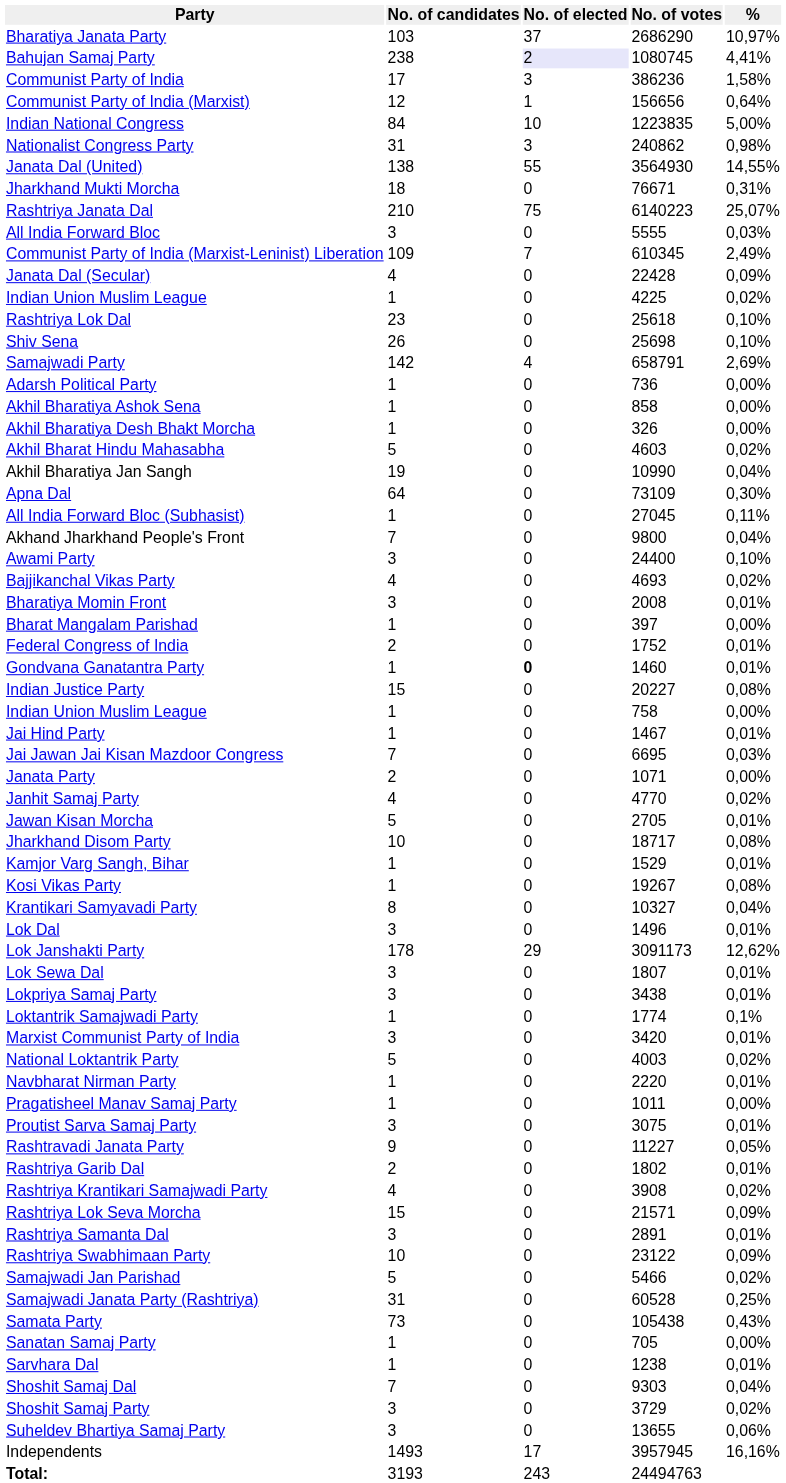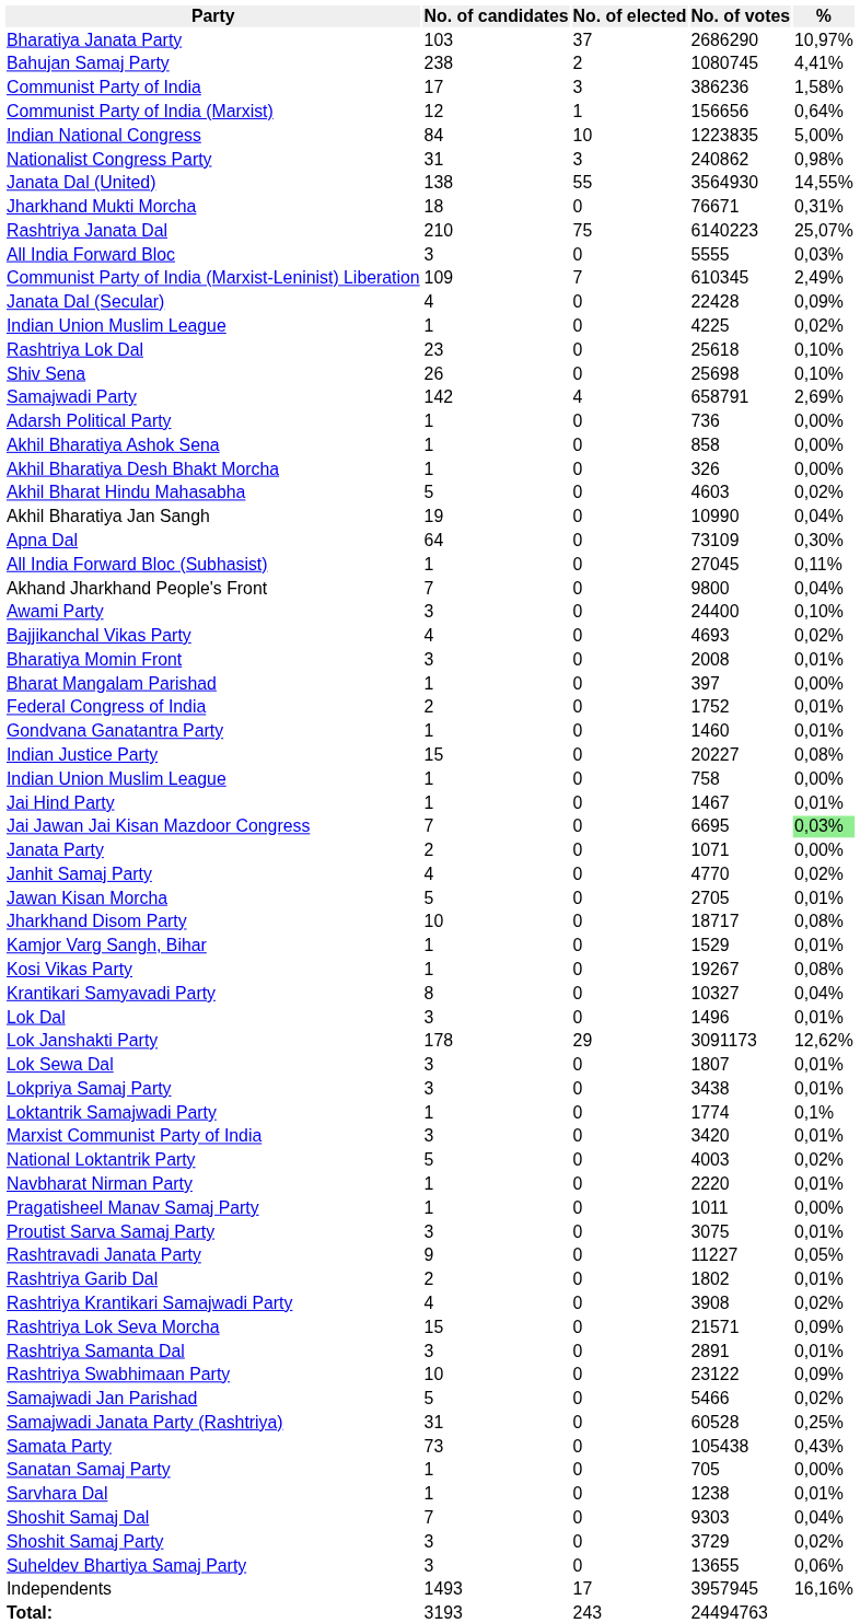 <table>
 <tr bgcolor="efefef">
 <th>Party</th>
 <th>No. of candidates</th>
 <th>No. of elected</th>
 <th>No. of votes</th>
 <th>%</th>
 </tr>
 <tr>
 <td><a href='#'>Bharatiya Janata Party</a></td>
 <td>103</td>
 <td>37</td>
 <td>2686290</td>
 <td>10,97%</td>
 </tr>
 <tr>
 <td><a href='#'>Bahujan Samaj Party</a></td>
 <td>238</td>
-<td style="background: lavender;">2</td>
+<td>2</td>
 <td>1080745</td>
 <td>4,41%</td>
 </tr>
 <tr>
 <td><a href='#'>Communist Party of India</a></td>
 <td>17</td>
 <td>3</td>
 <td>386236</td>
 <td>1,58%</td>
 </tr>
 <tr>
 <td><a href='#'>Communist Party of India (Marxist)</a></td>
 <td>12</td>
 <td>1</td>
 <td>156656</td>
 <td>0,64%</td>
 </tr>
 <tr>
 <td><a href='#'>Indian National Congress</a></td>
 <td>84</td>
 <td>10</td>
 <td>1223835</td>
 <td>5,00%</td>
 </tr>
 <tr>
 <td><a href='#'>Nationalist Congress Party</a></td>
 <td>31</td>
 <td>3</td>
 <td>240862</td>
 <td>0,98%</td>
 </tr>
 <tr>
 <td><a href='#'>Janata Dal (United)</a></td>
 <td>138</td>
 <td>55</td>
 <td>3564930</td>
 <td>14,55%</td>
 </tr>
 <tr>
 <td><a href='#'>Jharkhand Mukti Morcha</a></td>
 <td>18</td>
 <td>0</td>
 <td>76671</td>
 <td>0,31%</td>
 </tr>
 <tr>
 <td><a href='#'>Rashtriya Janata Dal</a></td>
 <td>210</td>
 <td>75</td>
 <td>6140223</td>
 <td>25,07%</td>
 </tr>
 <tr>
 <td><a href='#'>All India Forward Bloc</a></td>
 <td>3</td>
 <td>0</td>
 <td>5555</td>
 <td>0,03%</td>
 </tr>
 <tr>
 <td><a href='#'>Communist Party of India (Marxist-Leninist) Liberation</a></td>
 <td>109</td>
 <td>7</td>
 <td>610345</td>
 <td>2,49%</td>
 </tr>
 <tr>
 <td><a href='#'>Janata Dal (Secular)</a></td>
 <td>4</td>
 <td>0</td>
 <td>22428</td>
 <td>0,09%</td>
 </tr>
 <tr>
 <td><a href='#'>Indian Union Muslim League</a></td>
 <td>1</td>
 <td>0</td>
 <td>4225</td>
 <td>0,02%</td>
 </tr>
 <tr>
 <td><a href='#'>Rashtriya Lok Dal</a></td>
 <td>23</td>
 <td>0</td>
 <td>25618</td>
 <td>0,10%</td>
 </tr>
 <tr>
 <td><a href='#'>Shiv Sena</a></td>
 <td>26</td>
 <td>0</td>
 <td>25698</td>
 <td>0,10%</td>
 </tr>
 <tr>
 <td><a href='#'>Samajwadi Party</a></td>
 <td>142</td>
 <td>4</td>
 <td>658791</td>
 <td>2,69%</td>
 </tr>
 <tr>
 <td><a href='#'>Adarsh Political Party</a></td>
 <td>1</td>
 <td>0</td>
 <td>736</td>
 <td>0,00%</td>
 </tr>
 <tr>
 <td><a href='#'>Akhil Bharatiya Ashok Sena</a></td>
 <td>1</td>
 <td>0</td>
 <td>858</td>
 <td>0,00%</td>
 </tr>
 <tr>
 <td><a href='#'>Akhil Bharatiya Desh Bhakt Morcha</a></td>
 <td>1</td>
 <td>0</td>
 <td>326</td>
 <td>0,00%</td>
 </tr>
 <tr>
 <td><a href='#'>Akhil Bharat Hindu Mahasabha</a></td>
 <td>5</td>
 <td>0</td>
 <td>4603</td>
 <td>0,02%</td>
 </tr>
 <tr>
 <td>Akhil Bharatiya Jan Sangh</td>
 <td>19</td>
 <td>0</td>
 <td>10990</td>
 <td>0,04%</td>
 </tr>
 <tr>
 <td><a href='#'>Apna Dal</a></td>
 <td>64</td>
 <td>0</td>
 <td>73109</td>
 <td>0,30%</td>
 </tr>
 <tr>
 <td><a href='#'>All India Forward Bloc (Subhasist)</a></td>
 <td>1</td>
 <td>0</td>
 <td>27045</td>
 <td>0,11%</td>
 </tr>
 <tr>
 <td>Akhand Jharkhand People's Front</td>
 <td>7</td>
 <td>0</td>
 <td>9800</td>
 <td>0,04%</td>
 </tr>
 <tr>
 <td><a href='#'>Awami Party</a></td>
 <td>3</td>
 <td>0</td>
 <td>24400</td>
 <td>0,10%</td>
 </tr>
 <tr>
 <td><a href='#'>Bajjikanchal Vikas Party</a></td>
 <td>4</td>
 <td>0</td>
 <td>4693</td>
 <td>0,02%</td>
 </tr>
 <tr>
 <td><a href='#'>Bharatiya Momin Front</a></td>
 <td>3</td>
 <td>0</td>
 <td>2008</td>
 <td>0,01%</td>
 </tr>
 <tr>
 <td><a href='#'>Bharat Mangalam Parishad</a></td>
 <td>1</td>
 <td>0</td>
 <td>397</td>
 <td>0,00%</td>
 </tr>
 <tr>
 <td><a href='#'>Federal Congress of India</a></td>
 <td>2</td>
 <td>0</td>
 <td>1752</td>
 <td>0,01%</td>
 </tr>
 <tr>
 <td><a href='#'>Gondvana Ganatantra Party</a></td>
 <td>1</td>
-<td><strong>0</strong></td>
+<td>0</td>
 <td>1460</td>
 <td>0,01%</td>
 </tr>
 <tr>
 <td><a href='#'>Indian Justice Party</a></td>
 <td>15</td>
 <td>0</td>
 <td>20227</td>
 <td>0,08%</td>
 </tr>
 <tr>
 <td><a href='#'>Indian Union Muslim League</a></td>
 <td>1</td>
 <td>0</td>
 <td>758</td>
 <td>0,00%</td>
 </tr>
 <tr>
 <td><a href='#'>Jai Hind Party</a></td>
 <td>1</td>
 <td>0</td>
 <td>1467</td>
 <td>0,01%</td>
 </tr>
 <tr>
 <td><a href='#'>Jai Jawan Jai Kisan Mazdoor Congress</a></td>
 <td>7</td>
 <td>0</td>
 <td>6695</td>
-<td>0,03%</td>
+<td style="background: lightgreen;">0,03%</td>
 </tr>
 <tr>
 <td><a href='#'>Janata Party</a></td>
 <td>2</td>
 <td>0</td>
 <td>1071</td>
 <td>0,00%</td>
 </tr>
 <tr>
 <td><a href='#'>Janhit Samaj Party</a></td>
 <td>4</td>
 <td>0</td>
 <td>4770</td>
 <td>0,02%</td>
 </tr>
 <tr>
 <td><a href='#'>Jawan Kisan Morcha</a></td>
 <td>5</td>
 <td>0</td>
 <td>2705</td>
 <td>0,01%</td>
 </tr>
 <tr>
 <td><a href='#'>Jharkhand Disom Party</a></td>
 <td>10</td>
 <td>0</td>
 <td>18717</td>
 <td>0,08%</td>
 </tr>
 <tr>
 <td><a href='#'>Kamjor Varg Sangh, Bihar</a></td>
 <td>1</td>
 <td>0</td>
 <td>1529</td>
 <td>0,01%</td>
 </tr>
 <tr>
 <td><a href='#'>Kosi Vikas Party</a></td>
 <td>1</td>
 <td>0</td>
 <td>19267</td>
 <td>0,08%</td>
 </tr>
 <tr>
 <td><a href='#'>Krantikari Samyavadi Party</a></td>
 <td>8</td>
 <td>0</td>
 <td>10327</td>
 <td>0,04%</td>
 </tr>
 <tr>
 <td><a href='#'>Lok Dal</a></td>
 <td>3</td>
 <td>0</td>
 <td>1496</td>
 <td>0,01%</td>
 </tr>
 <tr>
 <td><a href='#'>Lok Janshakti Party</a></td>
 <td>178</td>
 <td>29</td>
 <td>3091173</td>
 <td>12,62%</td>
 </tr>
 <tr>
 <td><a href='#'>Lok Sewa Dal</a></td>
 <td>3</td>
 <td>0</td>
 <td>1807</td>
 <td>0,01%</td>
 </tr>
 <tr>
 <td><a href='#'>Lokpriya Samaj Party</a></td>
 <td>3</td>
 <td>0</td>
 <td>3438</td>
 <td>0,01%</td>
 </tr>
 <tr>
 <td><a href='#'>Loktantrik Samajwadi Party</a></td>
 <td>1</td>
 <td>0</td>
 <td>1774</td>
 <td>0,1%</td>
 </tr>
 <tr>
 <td><a href='#'>Marxist Communist Party of India</a></td>
 <td>3</td>
 <td>0</td>
 <td>3420</td>
 <td>0,01%</td>
 </tr>
 <tr>
 <td><a href='#'>National Loktantrik Party</a></td>
 <td>5</td>
 <td>0</td>
 <td>4003</td>
 <td>0,02%</td>
 </tr>
 <tr>
 <td><a href='#'>Navbharat Nirman Party</a></td>
 <td>1</td>
 <td>0</td>
 <td>2220</td>
 <td>0,01%</td>
 </tr>
 <tr>
 <td><a href='#'>Pragatisheel Manav Samaj Party</a></td>
 <td>1</td>
 <td>0</td>
 <td>1011</td>
 <td>0,00%</td>
 </tr>
 <tr>
 <td><a href='#'>Proutist Sarva Samaj Party</a></td>
 <td>3</td>
 <td>0</td>
 <td>3075</td>
 <td>0,01%</td>
 </tr>
 <tr>
 <td><a href='#'>Rashtravadi Janata Party</a></td>
 <td>9</td>
 <td>0</td>
 <td>11227</td>
 <td>0,05%</td>
 </tr>
 <tr>
 <td><a href='#'>Rashtriya Garib Dal</a></td>
 <td>2</td>
 <td>0</td>
 <td>1802</td>
 <td>0,01%</td>
 </tr>
 <tr>
 <td><a href='#'>Rashtriya Krantikari Samajwadi Party</a></td>
 <td>4</td>
 <td>0</td>
 <td>3908</td>
 <td>0,02%</td>
 </tr>
 <tr>
 <td><a href='#'>Rashtriya Lok Seva Morcha</a></td>
 <td>15</td>
 <td>0</td>
 <td>21571</td>
 <td>0,09%</td>
 </tr>
 <tr>
 <td><a href='#'>Rashtriya Samanta Dal</a></td>
 <td>3</td>
 <td>0</td>
 <td>2891</td>
 <td>0,01%</td>
 </tr>
 <tr>
 <td><a href='#'>Rashtriya Swabhimaan Party</a></td>
 <td>10</td>
 <td>0</td>
 <td>23122</td>
 <td>0,09%</td>
 </tr>
 <tr>
 <td><a href='#'>Samajwadi Jan Parishad</a></td>
 <td>5</td>
 <td>0</td>
 <td>5466</td>
 <td>0,02%</td>
 </tr>
 <tr>
 <td><a href='#'>Samajwadi Janata Party (Rashtriya)</a></td>
 <td>31</td>
 <td>0</td>
 <td>60528</td>
 <td>0,25%</td>
 </tr>
 <tr>
 <td><a href='#'>Samata Party</a></td>
 <td>73</td>
 <td>0</td>
 <td>105438</td>
 <td>0,43%</td>
 </tr>
 <tr>
 <td><a href='#'>Sanatan Samaj Party</a></td>
 <td>1</td>
 <td>0</td>
 <td>705</td>
 <td>0,00%</td>
 </tr>
 <tr>
 <td><a href='#'>Sarvhara Dal</a></td>
 <td>1</td>
 <td>0</td>
 <td>1238</td>
 <td>0,01%</td>
 </tr>
 <tr>
 <td><a href='#'>Shoshit Samaj Dal</a></td>
 <td>7</td>
 <td>0</td>
 <td>9303</td>
 <td>0,04%</td>
 </tr>
 <tr>
 <td><a href='#'>Shoshit Samaj Party</a></td>
 <td>3</td>
 <td>0</td>
 <td>3729</td>
 <td>0,02%</td>
 </tr>
 <tr>
 <td><a href='#'>Suheldev Bhartiya Samaj Party</a></td>
 <td>3</td>
 <td>0</td>
 <td>13655</td>
 <td>0,06%</td>
 </tr>
 <tr>
 <td>Independents</td>
 <td>1493</td>
 <td>17</td>
 <td>3957945</td>
 <td>16,16%</td>
 </tr>
 <tr>
 <td><strong>Total:</strong></td>
 <td>3193</td>
 <td>243</td>
 <td>24494763</td>
 <td></td>
 <td></td>
 </tr>
 </table>
